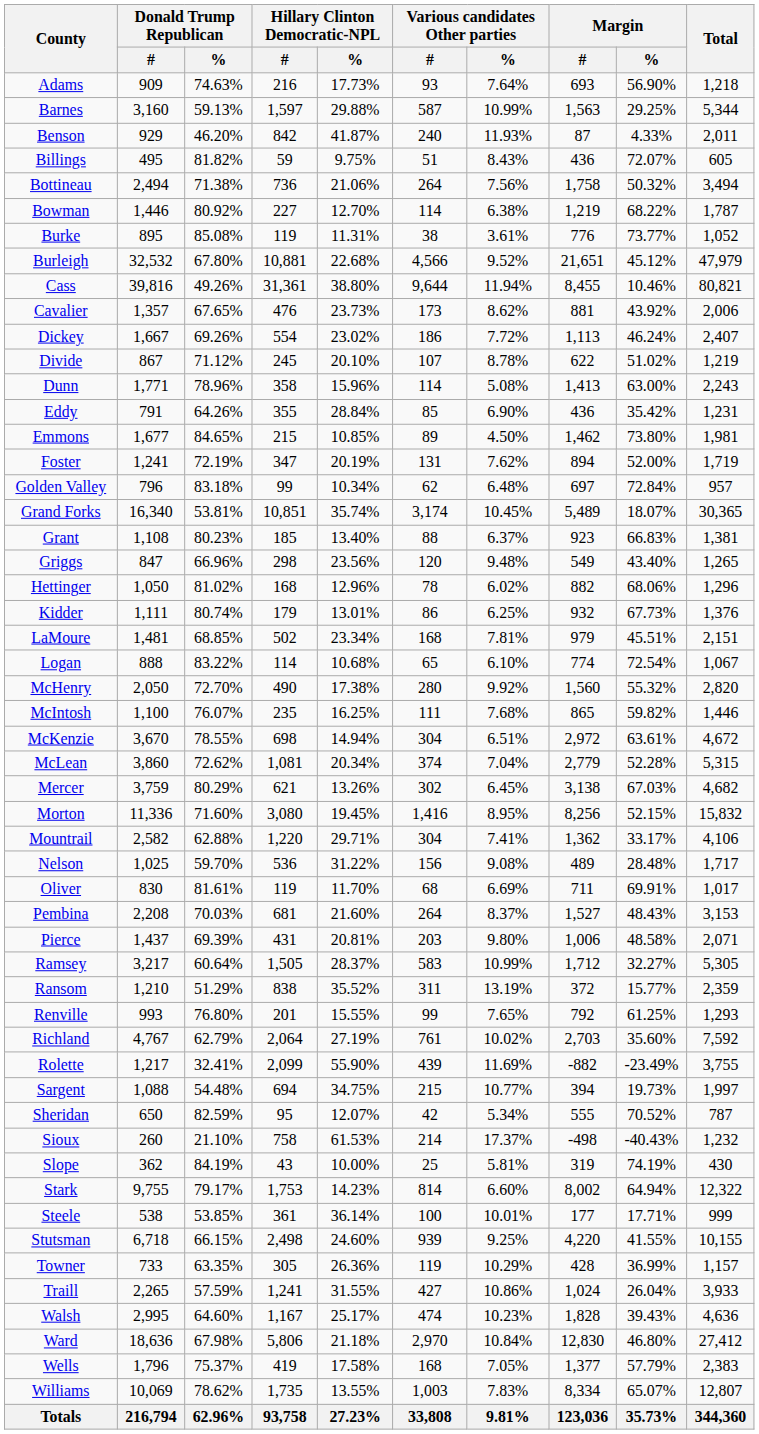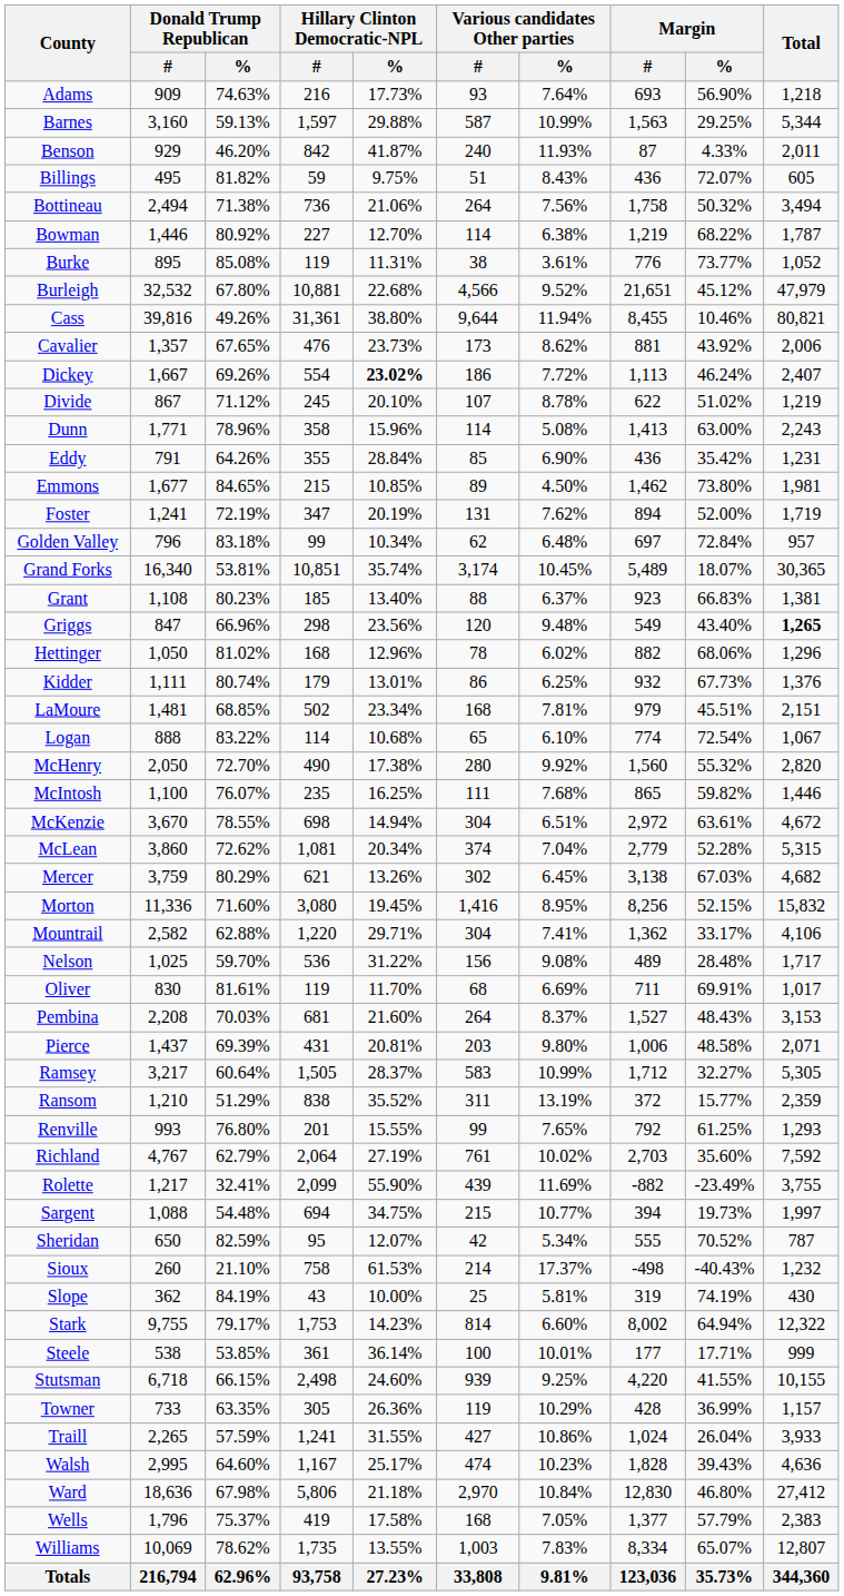 <table width="60%" class="wikitable sortable">
 <tr>
 <th rowspan="2">County</th>
 <th colspan="2">Donald Trump<br>Republican</th>
 <th colspan="2">Hillary Clinton<br>Democratic-NPL</th>
 <th colspan="2">Various candidates<br>Other parties</th>
 <th colspan="2">Margin</th>
 <th rowspan="2">Total</th>
 </tr>
 <tr>
 <th style="text-align:center;" data-sort-type="number">#</th>
 <th style="text-align:center;" data-sort-type="number">%</th>
 <th style="text-align:center;" data-sort-type="number">#</th>
 <th style="text-align:center;" data-sort-type="number">%</th>
 <th style="text-align:center;" data-sort-type="number">#</th>
 <th style="text-align:center;" data-sort-type="number">%</th>
 <th style="text-align:center;" data-sort-type="number">#</th>
 <th style="text-align:center;" data-sort-type="number">%</th>
 </tr>
 <tr style="text-align:center;">
 <td><a href='#'>Adams</a></td>
 <td>909</td>
 <td>74.63%</td>
 <td>216</td>
 <td>17.73%</td>
 <td>93</td>
 <td>7.64%</td>
 <td>693</td>
 <td>56.90%</td>
 <td>1,218</td>
 </tr>
 <tr style="text-align:center;">
 <td><a href='#'>Barnes</a></td>
 <td>3,160</td>
 <td>59.13%</td>
 <td>1,597</td>
 <td>29.88%</td>
 <td>587</td>
 <td>10.99%</td>
 <td>1,563</td>
 <td>29.25%</td>
 <td>5,344</td>
 </tr>
 <tr style="text-align:center;">
 <td><a href='#'>Benson</a></td>
 <td>929</td>
 <td>46.20%</td>
 <td>842</td>
 <td>41.87%</td>
 <td>240</td>
 <td>11.93%</td>
 <td>87</td>
 <td>4.33%</td>
 <td>2,011</td>
 </tr>
 <tr style="text-align:center;">
 <td><a href='#'>Billings</a></td>
 <td>495</td>
 <td>81.82%</td>
 <td>59</td>
 <td>9.75%</td>
 <td>51</td>
 <td>8.43%</td>
 <td>436</td>
 <td>72.07%</td>
 <td>605</td>
 </tr>
 <tr style="text-align:center;">
 <td><a href='#'>Bottineau</a></td>
 <td>2,494</td>
 <td>71.38%</td>
 <td>736</td>
 <td>21.06%</td>
 <td>264</td>
 <td>7.56%</td>
 <td>1,758</td>
 <td>50.32%</td>
 <td>3,494</td>
 </tr>
 <tr style="text-align:center;">
 <td><a href='#'>Bowman</a></td>
 <td>1,446</td>
 <td>80.92%</td>
 <td>227</td>
 <td>12.70%</td>
 <td>114</td>
 <td>6.38%</td>
 <td>1,219</td>
 <td>68.22%</td>
 <td>1,787</td>
 </tr>
 <tr style="text-align:center;">
 <td><a href='#'>Burke</a></td>
 <td>895</td>
 <td>85.08%</td>
 <td>119</td>
 <td>11.31%</td>
 <td>38</td>
 <td>3.61%</td>
 <td>776</td>
 <td>73.77%</td>
 <td>1,052</td>
 </tr>
 <tr style="text-align:center;">
 <td><a href='#'>Burleigh</a></td>
 <td>32,532</td>
 <td>67.80%</td>
 <td>10,881</td>
 <td>22.68%</td>
 <td>4,566</td>
 <td>9.52%</td>
 <td>21,651</td>
 <td>45.12%</td>
 <td>47,979</td>
 </tr>
 <tr style="text-align:center;">
 <td><a href='#'>Cass</a></td>
 <td>39,816</td>
 <td>49.26%</td>
 <td>31,361</td>
 <td>38.80%</td>
 <td>9,644</td>
 <td>11.94%</td>
 <td>8,455</td>
 <td>10.46%</td>
 <td>80,821</td>
 </tr>
 <tr style="text-align:center;">
 <td><a href='#'>Cavalier</a></td>
 <td>1,357</td>
 <td>67.65%</td>
 <td>476</td>
 <td>23.73%</td>
 <td>173</td>
 <td>8.62%</td>
 <td>881</td>
 <td>43.92%</td>
 <td>2,006</td>
 </tr>
 <tr style="text-align:center;">
 <td><a href='#'>Dickey</a></td>
 <td>1,667</td>
 <td>69.26%</td>
 <td>554</td>
-<td>23.02%</td>
+<td><strong>23.02%</strong></td>
 <td>186</td>
 <td>7.72%</td>
 <td>1,113</td>
 <td>46.24%</td>
 <td>2,407</td>
 </tr>
 <tr style="text-align:center;">
 <td><a href='#'>Divide</a></td>
 <td>867</td>
 <td>71.12%</td>
 <td>245</td>
 <td>20.10%</td>
 <td>107</td>
 <td>8.78%</td>
 <td>622</td>
 <td>51.02%</td>
 <td>1,219</td>
 </tr>
 <tr style="text-align:center;">
 <td><a href='#'>Dunn</a></td>
 <td>1,771</td>
 <td>78.96%</td>
 <td>358</td>
 <td>15.96%</td>
 <td>114</td>
 <td>5.08%</td>
 <td>1,413</td>
 <td>63.00%</td>
 <td>2,243</td>
 </tr>
 <tr style="text-align:center;">
 <td><a href='#'>Eddy</a></td>
 <td>791</td>
 <td>64.26%</td>
 <td>355</td>
 <td>28.84%</td>
 <td>85</td>
 <td>6.90%</td>
 <td>436</td>
 <td>35.42%</td>
 <td>1,231</td>
 </tr>
 <tr style="text-align:center;">
 <td><a href='#'>Emmons</a></td>
 <td>1,677</td>
 <td>84.65%</td>
 <td>215</td>
 <td>10.85%</td>
 <td>89</td>
 <td>4.50%</td>
 <td>1,462</td>
 <td>73.80%</td>
 <td>1,981</td>
 </tr>
 <tr style="text-align:center;">
 <td><a href='#'>Foster</a></td>
 <td>1,241</td>
 <td>72.19%</td>
 <td>347</td>
 <td>20.19%</td>
 <td>131</td>
 <td>7.62%</td>
 <td>894</td>
 <td>52.00%</td>
 <td>1,719</td>
 </tr>
 <tr style="text-align:center;">
 <td><a href='#'>Golden Valley</a></td>
 <td>796</td>
 <td>83.18%</td>
 <td>99</td>
 <td>10.34%</td>
 <td>62</td>
 <td>6.48%</td>
 <td>697</td>
 <td>72.84%</td>
 <td>957</td>
 </tr>
 <tr style="text-align:center;">
 <td><a href='#'>Grand Forks</a></td>
 <td>16,340</td>
 <td>53.81%</td>
 <td>10,851</td>
 <td>35.74%</td>
 <td>3,174</td>
 <td>10.45%</td>
 <td>5,489</td>
 <td>18.07%</td>
 <td>30,365</td>
 </tr>
 <tr style="text-align:center;">
 <td><a href='#'>Grant</a></td>
 <td>1,108</td>
 <td>80.23%</td>
 <td>185</td>
 <td>13.40%</td>
 <td>88</td>
 <td>6.37%</td>
 <td>923</td>
 <td>66.83%</td>
 <td>1,381</td>
 </tr>
 <tr style="text-align:center;">
 <td><a href='#'>Griggs</a></td>
 <td>847</td>
 <td>66.96%</td>
 <td>298</td>
 <td>23.56%</td>
 <td>120</td>
 <td>9.48%</td>
 <td>549</td>
 <td>43.40%</td>
-<td>1,265</td>
+<td><strong>1,265</strong></td>
 </tr>
 <tr style="text-align:center;">
 <td><a href='#'>Hettinger</a></td>
 <td>1,050</td>
 <td>81.02%</td>
 <td>168</td>
 <td>12.96%</td>
 <td>78</td>
 <td>6.02%</td>
 <td>882</td>
 <td>68.06%</td>
 <td>1,296</td>
 </tr>
 <tr style="text-align:center;">
 <td><a href='#'>Kidder</a></td>
 <td>1,111</td>
 <td>80.74%</td>
 <td>179</td>
 <td>13.01%</td>
 <td>86</td>
 <td>6.25%</td>
 <td>932</td>
 <td>67.73%</td>
 <td>1,376</td>
 </tr>
 <tr style="text-align:center;">
 <td><a href='#'>LaMoure</a></td>
 <td>1,481</td>
 <td>68.85%</td>
 <td>502</td>
 <td>23.34%</td>
 <td>168</td>
 <td>7.81%</td>
 <td>979</td>
 <td>45.51%</td>
 <td>2,151</td>
 </tr>
 <tr style="text-align:center;">
 <td><a href='#'>Logan</a></td>
 <td>888</td>
 <td>83.22%</td>
 <td>114</td>
 <td>10.68%</td>
 <td>65</td>
 <td>6.10%</td>
 <td>774</td>
 <td>72.54%</td>
 <td>1,067</td>
 </tr>
 <tr style="text-align:center;">
 <td><a href='#'>McHenry</a></td>
 <td>2,050</td>
 <td>72.70%</td>
 <td>490</td>
 <td>17.38%</td>
 <td>280</td>
 <td>9.92%</td>
 <td>1,560</td>
 <td>55.32%</td>
 <td>2,820</td>
 </tr>
 <tr style="text-align:center;">
 <td><a href='#'>McIntosh</a></td>
 <td>1,100</td>
 <td>76.07%</td>
 <td>235</td>
 <td>16.25%</td>
 <td>111</td>
 <td>7.68%</td>
 <td>865</td>
 <td>59.82%</td>
 <td>1,446</td>
 </tr>
 <tr style="text-align:center;">
 <td><a href='#'>McKenzie</a></td>
 <td>3,670</td>
 <td>78.55%</td>
 <td>698</td>
 <td>14.94%</td>
 <td>304</td>
 <td>6.51%</td>
 <td>2,972</td>
 <td>63.61%</td>
 <td>4,672</td>
 </tr>
 <tr style="text-align:center;">
 <td><a href='#'>McLean</a></td>
 <td>3,860</td>
 <td>72.62%</td>
 <td>1,081</td>
 <td>20.34%</td>
 <td>374</td>
 <td>7.04%</td>
 <td>2,779</td>
 <td>52.28%</td>
 <td>5,315</td>
 </tr>
 <tr style="text-align:center;">
 <td><a href='#'>Mercer</a></td>
 <td>3,759</td>
 <td>80.29%</td>
 <td>621</td>
 <td>13.26%</td>
 <td>302</td>
 <td>6.45%</td>
 <td>3,138</td>
 <td>67.03%</td>
 <td>4,682</td>
 </tr>
 <tr style="text-align:center;">
 <td><a href='#'>Morton</a></td>
 <td>11,336</td>
 <td>71.60%</td>
 <td>3,080</td>
 <td>19.45%</td>
 <td>1,416</td>
 <td>8.95%</td>
 <td>8,256</td>
 <td>52.15%</td>
 <td>15,832</td>
 </tr>
 <tr style="text-align:center;">
 <td><a href='#'>Mountrail</a></td>
 <td>2,582</td>
 <td>62.88%</td>
 <td>1,220</td>
 <td>29.71%</td>
 <td>304</td>
 <td>7.41%</td>
 <td>1,362</td>
 <td>33.17%</td>
 <td>4,106</td>
 </tr>
 <tr style="text-align:center;">
 <td><a href='#'>Nelson</a></td>
 <td>1,025</td>
 <td>59.70%</td>
 <td>536</td>
 <td>31.22%</td>
 <td>156</td>
 <td>9.08%</td>
 <td>489</td>
 <td>28.48%</td>
 <td>1,717</td>
 </tr>
 <tr style="text-align:center;">
 <td><a href='#'>Oliver</a></td>
 <td>830</td>
 <td>81.61%</td>
 <td>119</td>
 <td>11.70%</td>
 <td>68</td>
 <td>6.69%</td>
 <td>711</td>
 <td>69.91%</td>
 <td>1,017</td>
 </tr>
 <tr style="text-align:center;">
 <td><a href='#'>Pembina</a></td>
 <td>2,208</td>
 <td>70.03%</td>
 <td>681</td>
 <td>21.60%</td>
 <td>264</td>
 <td>8.37%</td>
 <td>1,527</td>
 <td>48.43%</td>
 <td>3,153</td>
 </tr>
 <tr style="text-align:center;">
 <td><a href='#'>Pierce</a></td>
 <td>1,437</td>
 <td>69.39%</td>
 <td>431</td>
 <td>20.81%</td>
 <td>203</td>
 <td>9.80%</td>
 <td>1,006</td>
 <td>48.58%</td>
 <td>2,071</td>
 </tr>
 <tr style="text-align:center;">
 <td><a href='#'>Ramsey</a></td>
 <td>3,217</td>
 <td>60.64%</td>
 <td>1,505</td>
 <td>28.37%</td>
 <td>583</td>
 <td>10.99%</td>
 <td>1,712</td>
 <td>32.27%</td>
 <td>5,305</td>
 </tr>
 <tr style="text-align:center;">
 <td><a href='#'>Ransom</a></td>
 <td>1,210</td>
 <td>51.29%</td>
 <td>838</td>
 <td>35.52%</td>
 <td>311</td>
 <td>13.19%</td>
 <td>372</td>
 <td>15.77%</td>
 <td>2,359</td>
 </tr>
 <tr style="text-align:center;">
 <td><a href='#'>Renville</a></td>
 <td>993</td>
 <td>76.80%</td>
 <td>201</td>
 <td>15.55%</td>
 <td>99</td>
 <td>7.65%</td>
 <td>792</td>
 <td>61.25%</td>
 <td>1,293</td>
 </tr>
 <tr style="text-align:center;">
 <td><a href='#'>Richland</a></td>
 <td>4,767</td>
 <td>62.79%</td>
 <td>2,064</td>
 <td>27.19%</td>
 <td>761</td>
 <td>10.02%</td>
 <td>2,703</td>
 <td>35.60%</td>
 <td>7,592</td>
 </tr>
 <tr style="text-align:center;">
 <td><a href='#'>Rolette</a></td>
 <td>1,217</td>
 <td>32.41%</td>
 <td>2,099</td>
 <td>55.90%</td>
 <td>439</td>
 <td>11.69%</td>
 <td>-882</td>
 <td>-23.49%</td>
 <td>3,755</td>
 </tr>
 <tr style="text-align:center;">
 <td><a href='#'>Sargent</a></td>
 <td>1,088</td>
 <td>54.48%</td>
 <td>694</td>
 <td>34.75%</td>
 <td>215</td>
 <td>10.77%</td>
 <td>394</td>
 <td>19.73%</td>
 <td>1,997</td>
 </tr>
 <tr style="text-align:center;">
 <td><a href='#'>Sheridan</a></td>
 <td>650</td>
 <td>82.59%</td>
 <td>95</td>
 <td>12.07%</td>
 <td>42</td>
 <td>5.34%</td>
 <td>555</td>
 <td>70.52%</td>
 <td>787</td>
 </tr>
 <tr style="text-align:center;">
 <td><a href='#'>Sioux</a></td>
 <td>260</td>
 <td>21.10%</td>
 <td>758</td>
 <td>61.53%</td>
 <td>214</td>
 <td>17.37%</td>
 <td>-498</td>
 <td>-40.43%</td>
 <td>1,232</td>
 </tr>
 <tr style="text-align:center;">
 <td><a href='#'>Slope</a></td>
 <td>362</td>
 <td>84.19%</td>
 <td>43</td>
 <td>10.00%</td>
 <td>25</td>
 <td>5.81%</td>
 <td>319</td>
 <td>74.19%</td>
 <td>430</td>
 </tr>
 <tr style="text-align:center;">
 <td><a href='#'>Stark</a></td>
 <td>9,755</td>
 <td>79.17%</td>
 <td>1,753</td>
 <td>14.23%</td>
 <td>814</td>
 <td>6.60%</td>
 <td>8,002</td>
 <td>64.94%</td>
 <td>12,322</td>
 </tr>
 <tr style="text-align:center;">
 <td><a href='#'>Steele</a></td>
 <td>538</td>
 <td>53.85%</td>
 <td>361</td>
 <td>36.14%</td>
 <td>100</td>
 <td>10.01%</td>
 <td>177</td>
 <td>17.71%</td>
 <td>999</td>
 </tr>
 <tr style="text-align:center;">
 <td><a href='#'>Stutsman</a></td>
 <td>6,718</td>
 <td>66.15%</td>
 <td>2,498</td>
 <td>24.60%</td>
 <td>939</td>
 <td>9.25%</td>
 <td>4,220</td>
 <td>41.55%</td>
 <td>10,155</td>
 </tr>
 <tr style="text-align:center;">
 <td><a href='#'>Towner</a></td>
 <td>733</td>
 <td>63.35%</td>
 <td>305</td>
 <td>26.36%</td>
 <td>119</td>
 <td>10.29%</td>
 <td>428</td>
 <td>36.99%</td>
 <td>1,157</td>
 </tr>
 <tr style="text-align:center;">
 <td><a href='#'>Traill</a></td>
 <td>2,265</td>
 <td>57.59%</td>
 <td>1,241</td>
 <td>31.55%</td>
 <td>427</td>
 <td>10.86%</td>
 <td>1,024</td>
 <td>26.04%</td>
 <td>3,933</td>
 </tr>
 <tr style="text-align:center;">
 <td><a href='#'>Walsh</a></td>
 <td>2,995</td>
 <td>64.60%</td>
 <td>1,167</td>
 <td>25.17%</td>
 <td>474</td>
 <td>10.23%</td>
 <td>1,828</td>
 <td>39.43%</td>
 <td>4,636</td>
 </tr>
 <tr style="text-align:center;">
 <td><a href='#'>Ward</a></td>
 <td>18,636</td>
 <td>67.98%</td>
 <td>5,806</td>
 <td>21.18%</td>
 <td>2,970</td>
 <td>10.84%</td>
 <td>12,830</td>
 <td>46.80%</td>
 <td>27,412</td>
 </tr>
 <tr style="text-align:center;">
 <td><a href='#'>Wells</a></td>
 <td>1,796</td>
 <td>75.37%</td>
 <td>419</td>
 <td>17.58%</td>
 <td>168</td>
 <td>7.05%</td>
 <td>1,377</td>
 <td>57.79%</td>
 <td>2,383</td>
 </tr>
 <tr style="text-align:center;">
 <td><a href='#'>Williams</a></td>
 <td>10,069</td>
 <td>78.62%</td>
 <td>1,735</td>
 <td>13.55%</td>
 <td>1,003</td>
 <td>7.83%</td>
 <td>8,334</td>
 <td>65.07%</td>
 <td>12,807</td>
 </tr>
 <tr>
 <th>Totals</th>
 <th>216,794</th>
 <th>62.96%</th>
 <th>93,758</th>
 <th>27.23%</th>
 <th>33,808</th>
 <th>9.81%</th>
 <th>123,036</th>
 <th>35.73%</th>
 <th>344,360</th>
 </tr>
 </table>
